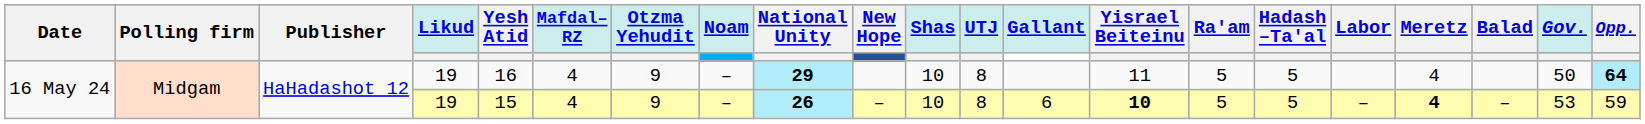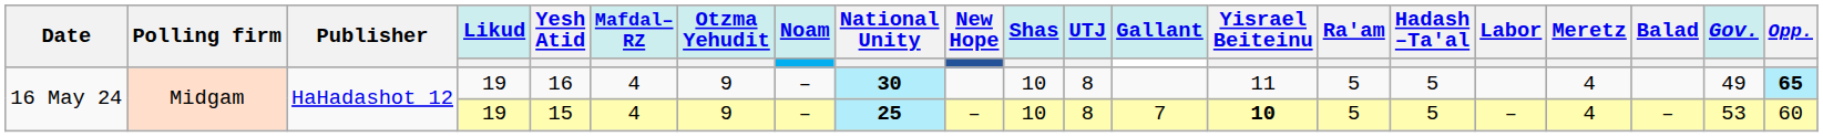 <table class="wikitable sortable" style=text-align:center;font-size:90%;line-height:12px>
 <tr>
 <th rowspan=2>Date</th>
 <th rowspan=2>Polling firm</th>
 <th rowspan=2>Publisher</th>
 <th style=background:#cee><a href='#'>Likud</a></th>
 <th><a href='#'>Yesh<br>Atid</a></th>
 <th style=background:#cee;font-size:90%><a href='#'>Mafdal–<br>RZ</a></th>
 <th style=background:#cee><a href='#'>Otzma<br>Yehudit</a></th>
 <th style=background:#cee><a href='#'>Noam</a></th>
 <th><a href='#'>National<br>Unity</a></th>
 <th><a href='#'>New<br>Hope</a></th>
 <th style=background:#cee><a href='#'>Shas</a></th>
 <th style=background:#cee><a href='#'>UTJ</a></th>
 <th style=background:#cee><a href='#'>Gallant</a></th>
 <th><a href='#'>Yisrael<br>Beiteinu</a></th>
 <th><a href='#'>Ra'am</a></th>
 <th><a href='#'>Hadash<br>–Ta'al</a></th>
 <th><a href='#'>Labor</a></th>
 <th><a href='#'>Meretz</a></th>
 <th><a href='#'>Balad</a></th>
 <th style=background:#cee><a href='#'><em>Gov.</em></a></th>
 <th style=font-size:90%><a href='#'><em>Opp.</em></a></th>
 </tr>
 <tr>
 <th style=background:></th>
 <th style=background:></th>
 <th style=background:></th>
 <th style=background:></th>
 <th style=background:#01AFF0></th>
 <th style=background:></th>
 <th style=background:#235298></th>
 <th style=background:></th>
 <th style=background:></th>
 <th style=background:#FFFFFF></th>
 <th style=background:></th>
 <th style=background:></th>
 <th style=background:></th>
 <th style=background:></th>
 <th style=background:></th>
 <th style=background:></th>
 <th style=background:></th>
 <th style=background:></th>
 </tr>
 <tr>
 <td rowspan=2 data-sort-value=2024-05-16>16 May 24</td>
 <td rowspan=2 style=background:#FFDFCC>Midgam</td>
 <td rowspan=2><a href='#'>HaHadashot 12</a></td>
 <td>19					</td>
 <td>16					</td>
 <td>4					</td>
 <td>9					</td>
 <td>–					</td>
-<td style=background:#B2EDFB><strong>29</strong>	</td>
+<td style=background:#B2EDFB><strong>30</strong>	</td>
 <td>	</td>
 <td>10					</td>
 <td>8					</td>
 <td>			</td>
 <td>11					</td>
 <td>5					</td>
 <td>5					</td>
 <td>	</td>
 <td>4					</td>
 <td>	</td>
-<td>50					</td>
-<td style=background:#B2EDFB><strong>64</strong>	</td>
+<td>49					</td>
+<td style=background:#B2EDFB><strong>65</strong>	</td>
 </tr>
 <tr style=background:#fffdb0>
 <td>19					</td>
 <td>15					</td>
 <td>4					</td>
 <td>9					</td>
 <td>–					</td>
-<td style=background:#B2EDFB><strong>26</strong>	</td>
+<td style=background:#B2EDFB><strong>25</strong>	</td>
 <td>–					</td>
 <td>10					</td>
 <td>8					</td>
-<td>6			        </td>
+<td>7			        </td>
 <td><strong>10					</strong></td>
 <td>5					</td>
 <td>5					</td>
 <td>–					</td>
-<td><strong>4					</strong></td>
+<td>4					</td>
 <td>–					</td>
 <td>53					</td>
-<td>59	                </td>
+<td>60	                </td>
 </tr>
 </table>
